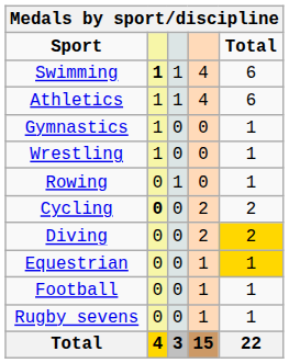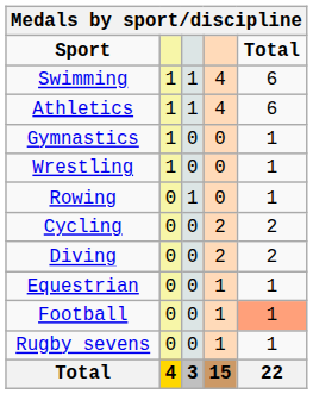 <table class="wikitable" style="font-size:85%; float:right;">
 <tr style="background:#efefef;">
 <th colspan=7>Medals by sport/discipline</th>
 </tr>
 <tr align=center>
 <td><strong>Sport</strong></td>
 <td style="background:#f7f6a8;"></td>
 <td style="background:#dce5e5;"></td>
 <td style="background:#ffdab9;"></td>
 <td><strong>Total</strong></td>
 </tr>
 <tr align=center>
 <td><a href='#'>Swimming</a></td>
-<td style="background:#f7f6a8;"><strong>1</strong></td>
+<td style="background:#f7f6a8;">1</td>
 <td style="background:#dce5e5;">1</td>
 <td style="background:#ffdab9;">4</td>
 <td>6</td>
 </tr>
 <tr align=center>
 <td><a href='#'>Athletics</a></td>
 <td style="background:#f7f6a8;">1</td>
 <td style="background:#dce5e5;">1</td>
 <td style="background:#ffdab9;">4</td>
 <td>6</td>
 </tr>
 <tr align=center>
 <td><a href='#'>Gymnastics</a></td>
 <td style="background:#f7f6a8;">1</td>
 <td style="background:#dce5e5;">0</td>
 <td style="background:#ffdab9;">0</td>
 <td>1</td>
 </tr>
 <tr align=center>
 <td><a href='#'>Wrestling</a></td>
 <td style="background:#f7f6a8;">1</td>
 <td style="background:#dce5e5;">0</td>
 <td style="background:#ffdab9;">0</td>
 <td>1</td>
 </tr>
 <tr align=center>
 <td><a href='#'>Rowing</a></td>
 <td style="background:#f7f6a8;">0</td>
 <td style="background:#dce5e5;">1</td>
 <td style="background:#ffdab9;">0</td>
 <td>1</td>
 </tr>
 <tr align=center>
 <td><a href='#'>Cycling</a></td>
-<td style="background:#f7f6a8;"><strong>0</strong></td>
+<td style="background:#f7f6a8;">0</td>
 <td style="background:#dce5e5;">0</td>
 <td style="background:#ffdab9;">2</td>
 <td>2</td>
 </tr>
 <tr align=center>
 <td><a href='#'>Diving</a></td>
 <td style="background:#f7f6a8;">0</td>
 <td style="background:#dce5e5;">0</td>
 <td style="background:#ffdab9;">2</td>
-<td style="background: gold;">2</td>
+<td>2</td>
 </tr>
 <tr align=center>
 <td><a href='#'>Equestrian</a></td>
 <td style="background:#f7f6a8;">0</td>
 <td style="background:#dce5e5;">0</td>
 <td style="background:#ffdab9;">1</td>
-<td style="background: gold;">1</td>
+<td>1</td>
 </tr>
 <tr align=center>
 <td><a href='#'>Football</a></td>
 <td style="background:#f7f6a8;">0</td>
 <td style="background:#dce5e5;">0</td>
 <td style="background:#ffdab9;">1</td>
-<td>1</td>
+<td style="background: lightsalmon;">1</td>
 </tr>
 <tr align=center>
 <td><a href='#'>Rugby sevens</a></td>
 <td style="background:#f7f6a8;">0</td>
 <td style="background:#dce5e5;">0</td>
 <td style="background:#ffdab9;">1</td>
 <td>1</td>
 </tr>
 <tr align=center>
 <th>Total</th>
 <th style="background:gold;">4</th>
 <th style="background:silver;">3</th>
 <th style="background:#c96;">15</th>
 <th>22</th>
 </tr>
 </table>
